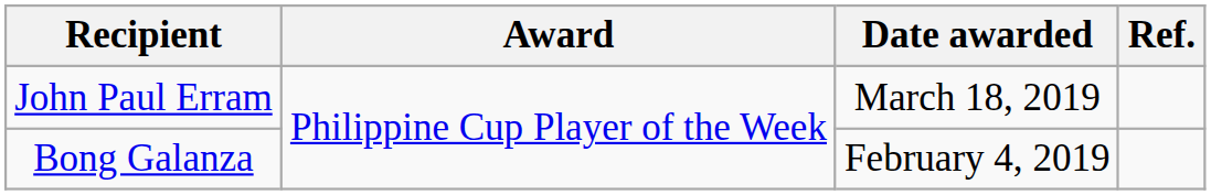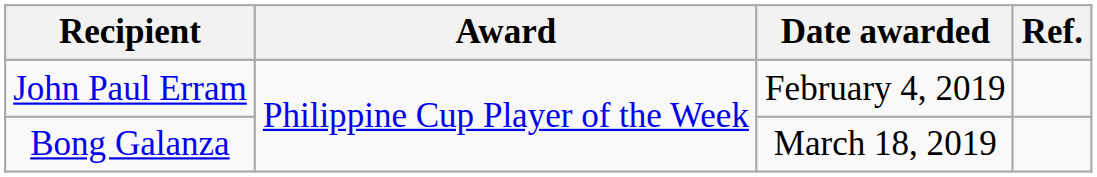 <table class="wikitable sortable sortable" style="text-align: center">
 <tr>
 <th>Recipient</th>
 <th>Award</th>
 <th>Date awarded</th>
 <th>Ref.</th>
 </tr>
 <tr>
 <td><a href='#'>John Paul Erram</a></td>
 <td rowspan=2><a href='#'>Philippine Cup Player of the Week</a></td>
-<td>March 18, 2019</td>
+<td>February 4, 2019</td>
 <td align=center></td>
 </tr>
 <tr>
 <td><a href='#'>Bong Galanza</a></td>
-<td>February 4, 2019</td>
+<td>March 18, 2019</td>
 <td></td>
 </tr>
 </table>
